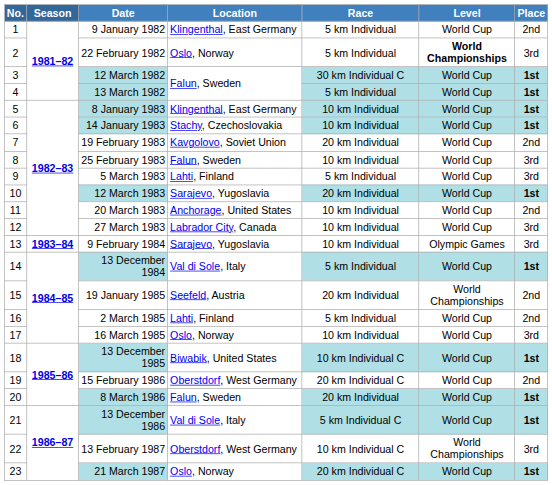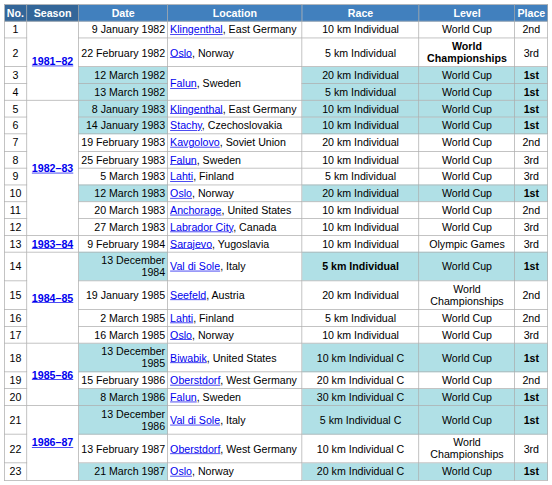 <table class="wikitable sortable" style="font-size:95%; text-align:center; border:grey solid 1px; border-collapse:collapse; background:#ffffff;">
 <tr style="background:#efefef;">
 <th style="background-color:#369; color:white;">No.</th>
 <th style="background-color:#369; color:white;">Season</th>
 <th style="background-color:#4180be; color:white; width:120px;">Date</th>
 <th style="background-color:#4180be; color:white; width:185px;">Location</th>
 <th style="background-color:#4180be; color:white; width:160px;">Race</th>
 <th style="background-color:#4180be; color:white; width:130px;">Level</th>
 <th style="background-color:#4180be; color:white;">Place</th>
 </tr>
 <tr>
 <td align=center>1</td>
 <td rowspan=4 align=center><strong> <a href='#'>1981–82</a> </strong></td>
 <td align=right>9 January 1982</td>
 <td align=left> <a href='#'>Klingenthal</a>, East Germany</td>
-<td>5 km Individual</td>
+<td>10 km Individual</td>
 <td>World Cup</td>
 <td>2nd</td>
 </tr>
 <tr>
 <td align=center>2</td>
 <td align=right>22 February 1982</td>
 <td align=left> <a href='#'>Oslo</a>, Norway</td>
 <td>5 km Individual</td>
 <td><strong>World Championships</strong></td>
 <td>3rd</td>
 </tr>
 <tr>
 <td align=center>3</td>
 <td bgcolor="#BOEOE6" align=right>12 March 1982</td>
 <td rowspan=2 align=left> <a href='#'>Falun</a>, Sweden</td>
-<td bgcolor="#BOEOE6">30 km Individual C</td>
+<td bgcolor="#BOEOE6">20 km Individual</td>
 <td bgcolor="#BOEOE6">World Cup</td>
 <td bgcolor="#BOEOE6"><strong>1st</strong></td>
 </tr>
 <tr>
 <td align=center>4</td>
 <td bgcolor="#BOEOE6" align=right>13 March 1982</td>
 <td bgcolor="#BOEOE6">5 km Individual</td>
 <td bgcolor="#BOEOE6">World Cup</td>
 <td bgcolor="#BOEOE6"><strong>1st</strong></td>
 </tr>
 <tr>
 <td align=center>5</td>
 <td rowspan=8 align=center><strong><a href='#'>1982–83</a></strong></td>
 <td bgcolor="#BOEOE6" align=right>8 January 1983</td>
 <td align=left> <a href='#'>Klingenthal</a>, East Germany</td>
 <td bgcolor="#BOEOE6">10 km Individual</td>
 <td bgcolor="#BOEOE6">World Cup</td>
 <td bgcolor="#BOEOE6"><strong>1st</strong></td>
 </tr>
 <tr>
 <td align=center>6</td>
 <td bgcolor="#BOEOE6" align=right>14 January 1983</td>
 <td align=left> <a href='#'>Stachy</a>, Czechoslovakia</td>
 <td bgcolor="#BOEOE6">10 km Individual</td>
 <td bgcolor="#BOEOE6">World Cup</td>
 <td bgcolor="#BOEOE6"><strong>1st</strong></td>
 </tr>
 <tr>
 <td align=center>7</td>
 <td align=right>19 February 1983</td>
 <td align=left> <a href='#'>Kavgolovo</a>, Soviet Union</td>
 <td>20 km Individual</td>
 <td>World Cup</td>
 <td>2nd</td>
 </tr>
 <tr>
 <td align=center>8</td>
 <td align=right>25 February 1983</td>
 <td align=left> <a href='#'>Falun</a>, Sweden</td>
 <td>10 km Individual</td>
 <td>World Cup</td>
 <td>3rd</td>
 </tr>
 <tr>
 <td align=center>9</td>
 <td align=right>5 March 1983</td>
 <td align=left> <a href='#'>Lahti</a>, Finland</td>
 <td>5 km Individual</td>
 <td>World Cup</td>
 <td>3rd</td>
 </tr>
 <tr>
 <td align=center>10</td>
 <td bgcolor="#BOEOE6" align=right>12 March 1983</td>
-<td align=left> <a href='#'>Sarajevo</a>, Yugoslavia</td>
+<td align=left> <a href='#'>Oslo</a>, Norway</td>
 <td bgcolor="#BOEOE6">20 km Individual</td>
 <td bgcolor="#BOEOE6">World Cup</td>
 <td bgcolor="#BOEOE6"><strong>1st</strong></td>
 </tr>
 <tr>
 <td align=center>11</td>
 <td align=right>20 March 1983</td>
 <td align=left> <a href='#'>Anchorage</a>, United States</td>
 <td>10 km Individual</td>
 <td>World Cup</td>
 <td>2nd</td>
 </tr>
 <tr>
 <td align=center>12</td>
 <td align=right>27 March 1983</td>
 <td align=left> <a href='#'>Labrador City</a>, Canada</td>
 <td>10 km Individual</td>
 <td>World Cup</td>
 <td>3rd</td>
 </tr>
 <tr>
 <td align=center>13</td>
 <td rowspan=1 align=center><strong> <a href='#'>1983–84</a> </strong></td>
 <td align=right>9 February 1984</td>
 <td align=left> <a href='#'>Sarajevo</a>, Yugoslavia</td>
 <td>10 km Individual</td>
 <td>Olympic Games</td>
 <td>3rd</td>
 </tr>
 <tr>
 <td align=center>14</td>
 <td rowspan=4 align=center><strong><a href='#'>1984–85</a></strong></td>
 <td bgcolor="#BOEOE6" align=right>13 December 1984</td>
 <td align=left> <a href='#'>Val di Sole</a>, Italy</td>
-<td bgcolor="#BOEOE6">5 km Individual</td>
+<td bgcolor="#BOEOE6"><strong>5 km Individual</strong></td>
 <td bgcolor="#BOEOE6">World Cup</td>
 <td bgcolor="#BOEOE6"><strong>1st</strong></td>
 </tr>
 <tr>
 <td align=center>15</td>
 <td align=right>19 January 1985</td>
 <td align=left> <a href='#'>Seefeld</a>, Austria</td>
 <td>20 km Individual</td>
 <td>World Championships</td>
 <td>2nd</td>
 </tr>
 <tr>
 <td align=center>16</td>
 <td align=right>2 March 1985</td>
 <td align=left> <a href='#'>Lahti</a>, Finland</td>
 <td>5 km Individual</td>
 <td>World Cup</td>
 <td>2nd</td>
 </tr>
 <tr>
 <td align=center>17</td>
 <td align=right>16 March 1985</td>
 <td align=left> <a href='#'>Oslo</a>, Norway</td>
 <td>10 km Individual</td>
 <td>World Cup</td>
 <td>3rd</td>
 </tr>
 <tr>
 <td align=center>18</td>
 <td rowspan=3 align=center><strong><a href='#'>1985–86</a></strong></td>
 <td bgcolor="#BOEOE6" align=right>13 December 1985</td>
 <td align=left> <a href='#'>Biwabik</a>, United States</td>
 <td bgcolor="#BOEOE6">10 km Individual C</td>
 <td bgcolor="#BOEOE6">World Cup</td>
 <td bgcolor="#BOEOE6"><strong>1st</strong></td>
 </tr>
 <tr>
 <td align=center>19</td>
 <td align=right>15 February 1986</td>
 <td align=left> <a href='#'>Oberstdorf</a>, West Germany</td>
 <td>20 km Individual C</td>
 <td>World Cup</td>
 <td>2nd</td>
 </tr>
 <tr>
 <td align=center>20</td>
 <td bgcolor="#BOEOE6" align=right>8 March 1986</td>
 <td align=left> <a href='#'>Falun</a>, Sweden</td>
-<td bgcolor="#BOEOE6">20 km Individual</td>
+<td bgcolor="#BOEOE6">30 km Individual C</td>
 <td bgcolor="#BOEOE6">World Cup</td>
 <td bgcolor="#BOEOE6"><strong>1st</strong></td>
 </tr>
 <tr>
 <td align=center>21</td>
 <td rowspan=3 align=center><strong><a href='#'>1986–87</a></strong></td>
 <td bgcolor="#BOEOE6" align=right>13 December 1986</td>
 <td align=left> <a href='#'>Val di Sole</a>, Italy</td>
 <td bgcolor="#BOEOE6">5 km Individual C</td>
 <td bgcolor="#BOEOE6">World Cup</td>
 <td bgcolor="#BOEOE6"><strong>1st</strong></td>
 </tr>
 <tr>
 <td align=center>22</td>
 <td align=right>13 February 1987</td>
 <td align=left> <a href='#'>Oberstdorf</a>, West Germany</td>
 <td>10 km Individual C</td>
 <td>World Championships</td>
 <td>3rd</td>
 </tr>
 <tr>
 <td align=center>23</td>
 <td bgcolor="#BOEOE6" align=right>21 March 1987</td>
 <td align=left> <a href='#'>Oslo</a>, Norway</td>
 <td bgcolor="#BOEOE6">20 km Individual C</td>
 <td bgcolor="#BOEOE6">World Cup</td>
 <td bgcolor="#BOEOE6"><strong>1st</strong></td>
 </tr>
 </table>
